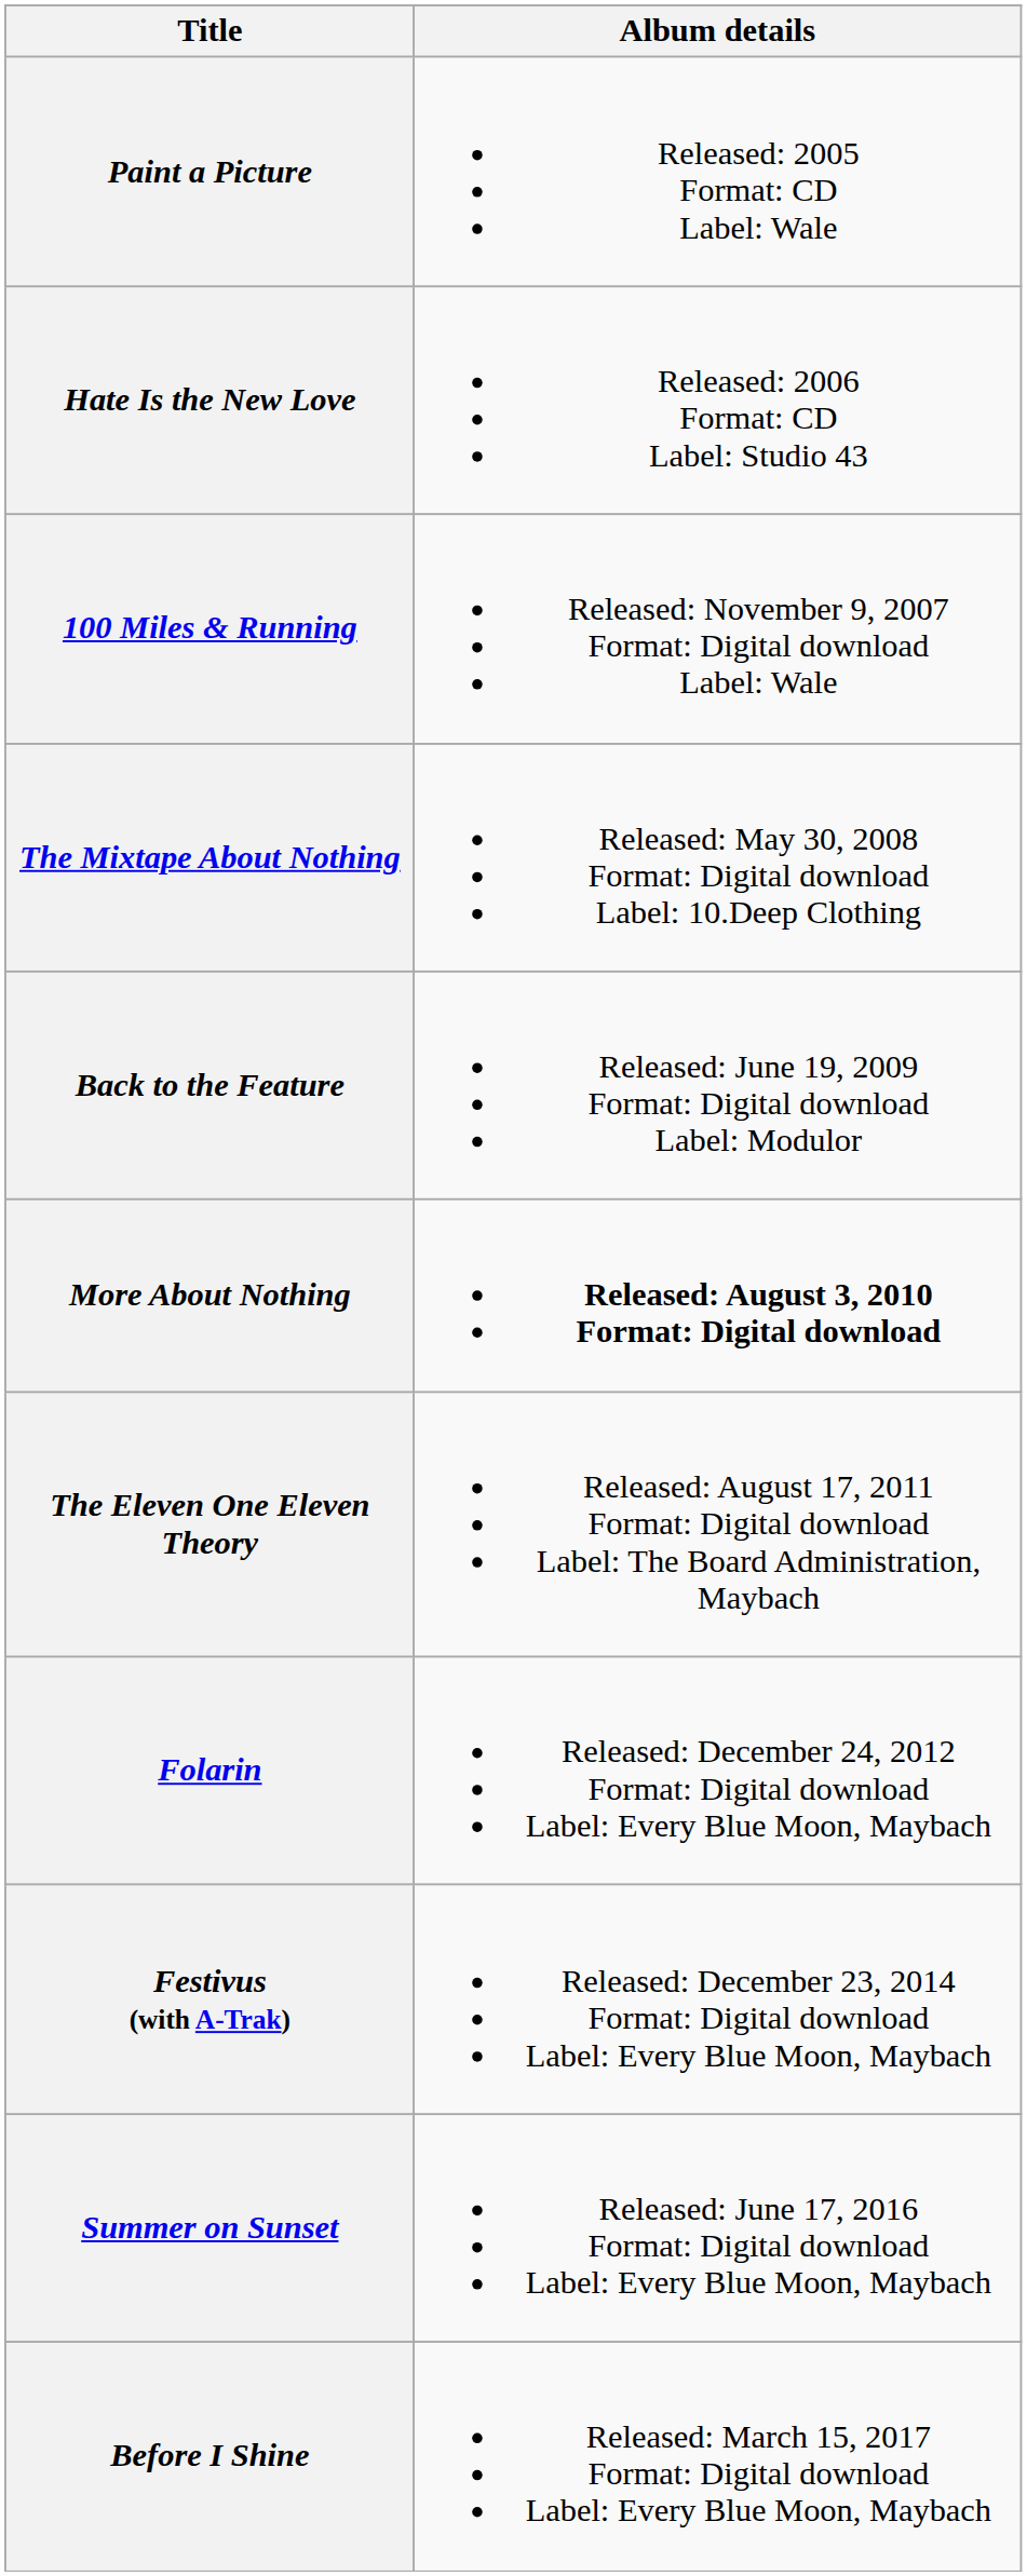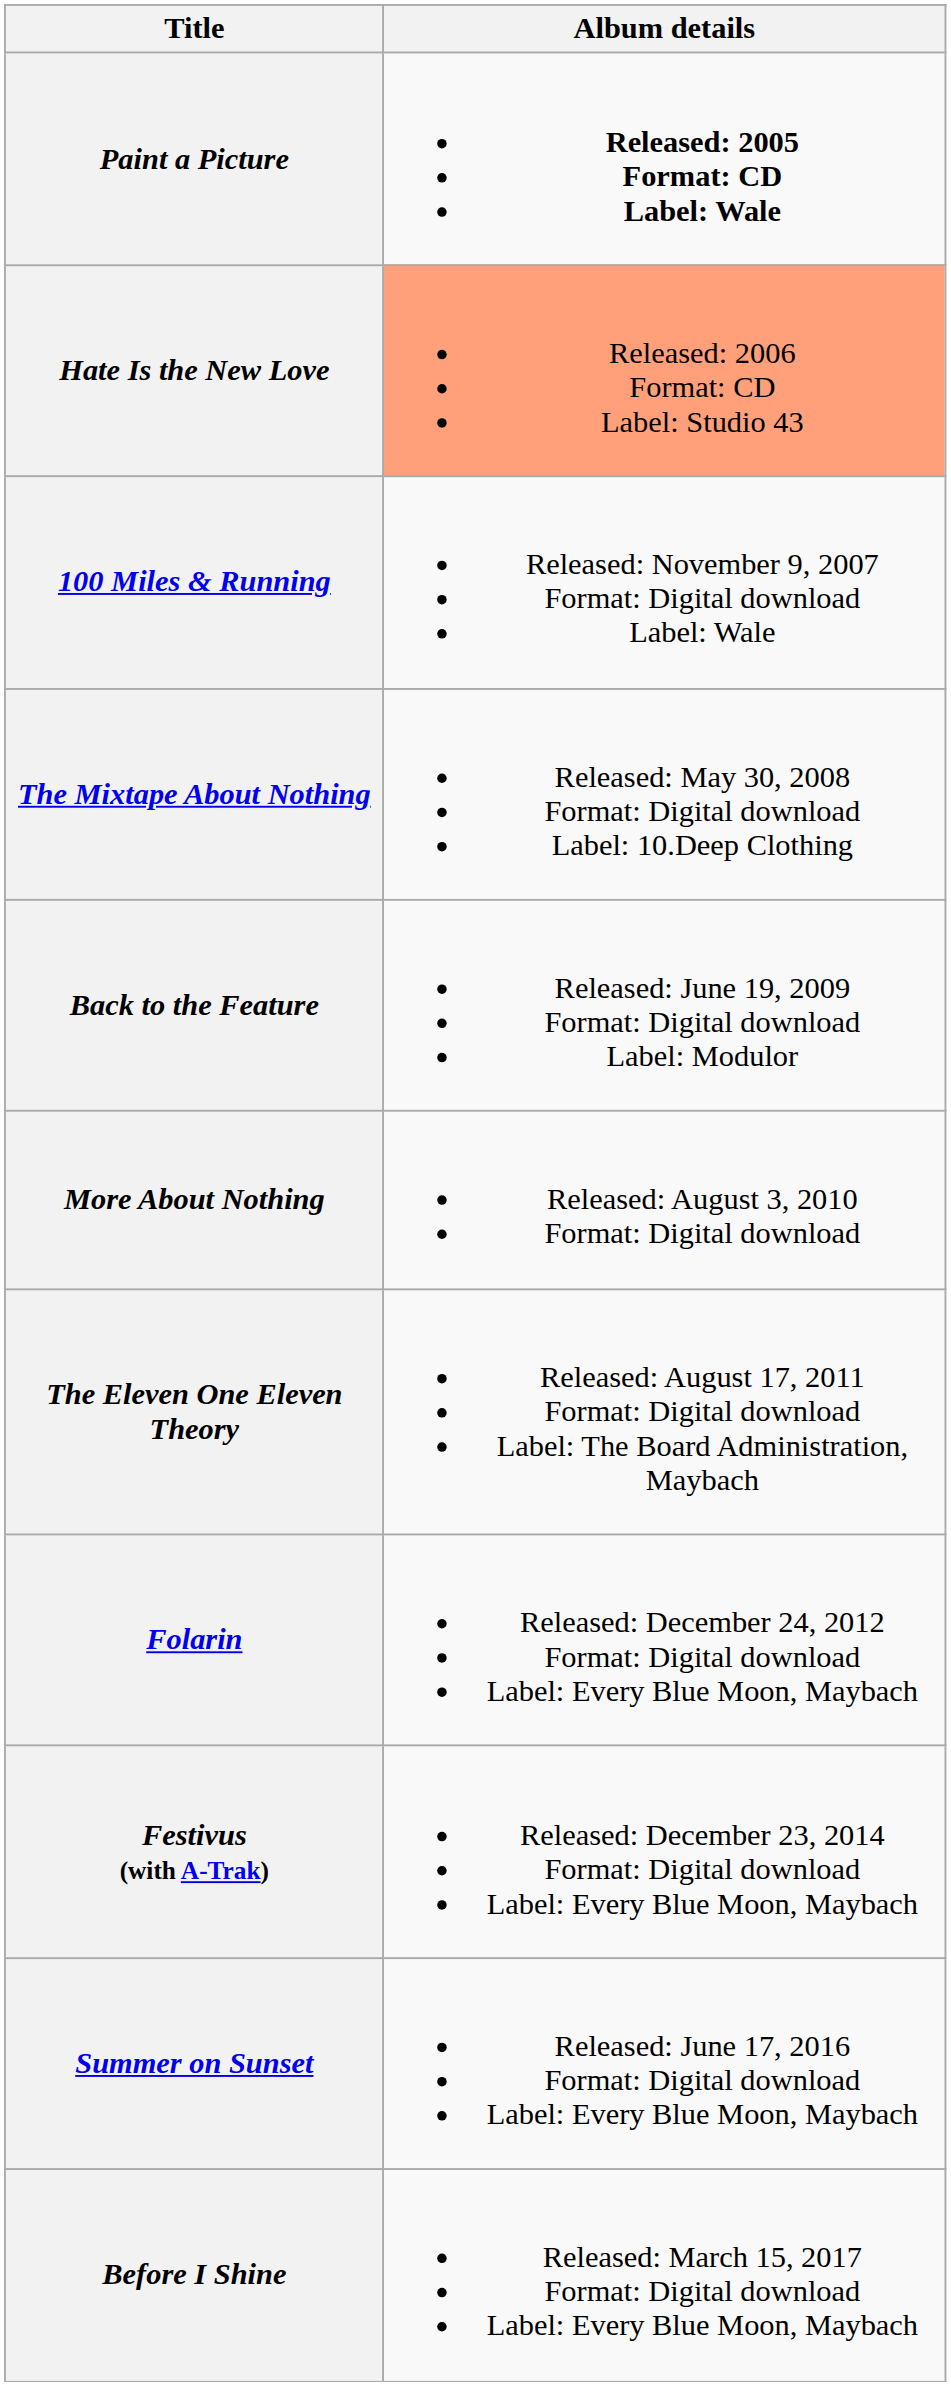 <table class="wikitable plainrowheaders" style="text-align:center;">
 <tr>
 <th scope="col" style="width:12em;">Title</th>
 <th scope="col" style="width:18em;">Album details</th>
 </tr>
 <tr>
 <th scope="row"><em>Paint a Picture</em></th>
-<td><br><ul><li>Released: 2005</li><li>Format: CD</li><li>Label: Wale</li></ul></td>
+<td><strong><br><ul><li>Released: 2005</li><li>Format: CD</li><li>Label: Wale</li></ul></strong></td>
 </tr>
 <tr>
 <th scope="row"><em>Hate Is the New Love</em></th>
-<td><br><ul><li>Released: 2006</li><li>Format: CD</li><li>Label: Studio 43</li></ul></td>
+<td style="background: lightsalmon;"><br><ul><li>Released: 2006</li><li>Format: CD</li><li>Label: Studio 43</li></ul></td>
 </tr>
 <tr>
 <th scope="row"><em><a href='#'>100 Miles & Running</a></em></th>
 <td><br><ul><li>Released: November 9, 2007</li><li>Format: Digital download</li><li>Label: Wale</li></ul></td>
 </tr>
 <tr>
 <th scope="row"><em><a href='#'>The Mixtape About Nothing</a></em></th>
 <td><br><ul><li>Released: May 30, 2008</li><li>Format: Digital download</li><li>Label: 10.Deep Clothing</li></ul></td>
 </tr>
 <tr>
 <th scope="row"><em>Back to the Feature</em></th>
 <td><br><ul><li>Released: June 19, 2009</li><li>Format: Digital download</li><li>Label: Modulor</li></ul></td>
 </tr>
 <tr>
 <th scope="row"><em>More About Nothing</em></th>
-<td><strong><br><ul><li>Released: August 3, 2010</li><li>Format: Digital download</li></ul></strong></td>
+<td><br><ul><li>Released: August 3, 2010</li><li>Format: Digital download</li></ul></td>
 </tr>
 <tr>
 <th scope="row"><em>The Eleven One Eleven Theory</em></th>
 <td><br><ul><li>Released: August 17, 2011</li><li>Format: Digital download</li><li>Label: The Board Administration, Maybach</li></ul></td>
 </tr>
 <tr>
 <th scope="row"><em><a href='#'>Folarin</a></em></th>
 <td><br><ul><li>Released: December 24, 2012</li><li>Format: Digital download</li><li>Label: Every Blue Moon, Maybach</li></ul></td>
 </tr>
 <tr>
 <th scope="row"><em>Festivus</em> <br><small>(with <a href='#'>A-Trak</a>)</small></th>
 <td><br><ul><li>Released: December 23, 2014</li><li>Format: Digital download</li><li>Label: Every Blue Moon, Maybach</li></ul></td>
 </tr>
 <tr>
 <th scope="row"><em><a href='#'>Summer on Sunset</a></em></th>
 <td><br><ul><li>Released: June 17, 2016</li><li>Format: Digital download</li><li>Label: Every Blue Moon, Maybach</li></ul></td>
 </tr>
 <tr>
 <th scope="row"><em>Before I Shine</em></th>
 <td><br><ul><li>Released: March 15, 2017</li><li>Format: Digital download</li><li>Label: Every Blue Moon, Maybach</li></ul></td>
 </tr>
 </table>
